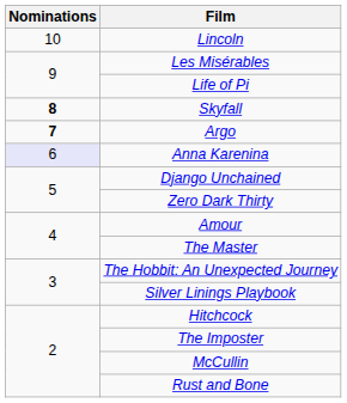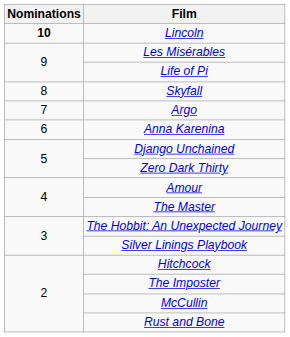 <table class="wikitable" style="text-align:center;">
 <tr>
 <th style="background:">Nominations</th>
 <th style="background:">Film</th>
 </tr>
 <tr>
-<td>10</td>
+<td><strong>10</strong></td>
 <td><em><a href='#'>Lincoln</a></em></td>
 </tr>
 <tr>
 <td rowspan="2">9</td>
 <td><em><a href='#'>Les Misérables</a></em></td>
 </tr>
 <tr>
 <td><em><a href='#'>Life of Pi</a></em></td>
 </tr>
 <tr>
-<td><strong>8</strong></td>
+<td>8</td>
 <td><em><a href='#'>Skyfall</a></em></td>
 </tr>
 <tr>
-<td><strong>7</strong></td>
+<td>7</td>
 <td><em><a href='#'>Argo</a></em></td>
 </tr>
 <tr>
-<td style="background: lavender;">6</td>
+<td>6</td>
 <td><em><a href='#'>Anna Karenina</a></em></td>
 </tr>
 <tr>
 <td rowspan="2">5</td>
 <td><em><a href='#'>Django Unchained</a></em></td>
 </tr>
 <tr>
 <td><em><a href='#'>Zero Dark Thirty</a></em></td>
 </tr>
 <tr>
 <td rowspan="2">4</td>
 <td><em><a href='#'>Amour</a></em></td>
 </tr>
 <tr>
 <td><em><a href='#'>The Master</a></em></td>
 </tr>
 <tr>
 <td rowspan="2">3</td>
 <td><em><a href='#'>The Hobbit: An Unexpected Journey</a></em></td>
 </tr>
 <tr>
 <td><em><a href='#'>Silver Linings Playbook</a></em></td>
 </tr>
 <tr>
 <td rowspan="4">2</td>
 <td><em><a href='#'>Hitchcock</a></em></td>
 </tr>
 <tr>
 <td><em><a href='#'>The Imposter</a></em></td>
 </tr>
 <tr>
 <td><em><a href='#'>McCullin</a></em></td>
 </tr>
 <tr>
 <td><em><a href='#'>Rust and Bone</a></em></td>
 </tr>
 </table>
